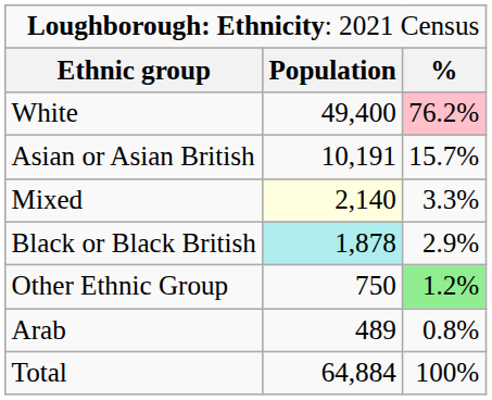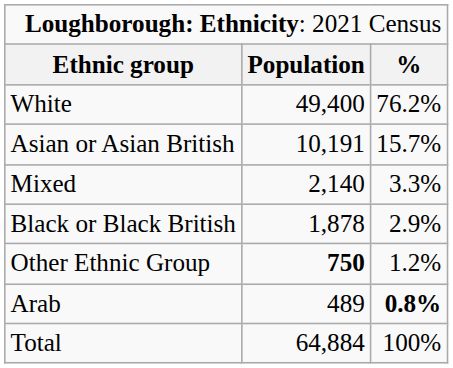 <table class="wikitable">
 <tr>
 <td colspan="14" style="text-align:right;"><strong>Loughborough: Ethnicity</strong>: 2021 Census</td>
 </tr>
 <tr>
 <th>Ethnic group</th>
 <th>Population</th>
 <th>%</th>
 </tr>
 <tr>
 <td>White</td>
 <td style="text-align:right;">49,400</td>
-<td style="background: pink; text-align:right;">76.2%</td>
+<td style="text-align:right;">76.2%</td>
 </tr>
 <tr>
 <td>Asian or Asian British</td>
 <td style="text-align:right;">10,191</td>
 <td style="text-align:right;">15.7%</td>
 </tr>
 <tr>
 <td>Mixed</td>
-<td style="background: lightyellow; text-align:right;">2,140</td>
+<td style="text-align:right;">2,140</td>
 <td style="text-align:right;">3.3%</td>
 </tr>
 <tr>
 <td>Black or Black British</td>
-<td style="background: paleturquoise; text-align:right;">1,878</td>
+<td style="text-align:right;">1,878</td>
 <td style="text-align:right;">2.9%</td>
 </tr>
 <tr>
 <td>Other Ethnic Group</td>
-<td style="text-align:right;">750</td>
-<td style="background: lightgreen; text-align:right;">1.2%</td>
+<td style="text-align:right;"><strong>750</strong></td>
+<td style="text-align:right;">1.2%</td>
 </tr>
 <tr>
 <td>Arab</td>
 <td style="text-align:right;">489</td>
-<td style="text-align:right;">0.8%</td>
+<td style="text-align:right;"><strong>0.8%</strong></td>
 </tr>
 <tr>
 <td>Total</td>
 <td style="text-align:right;">64,884</td>
 <td style="text-align:right;">100%</td>
 </tr>
 </table>
